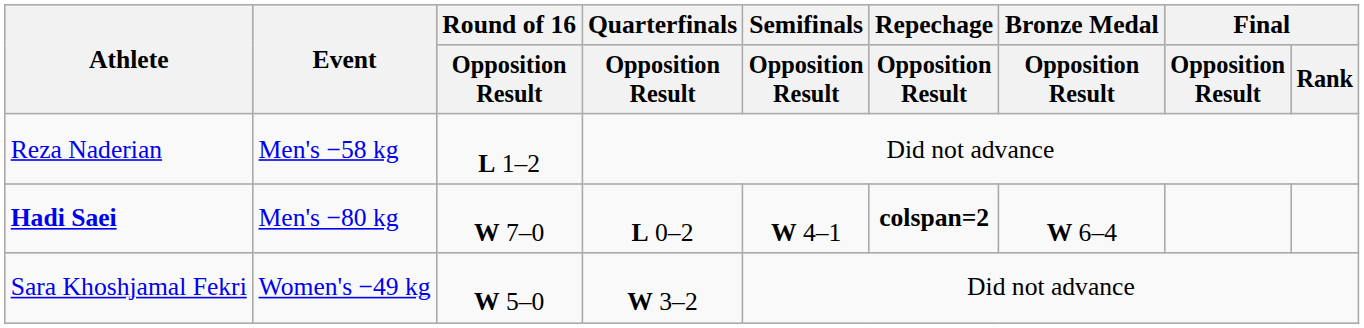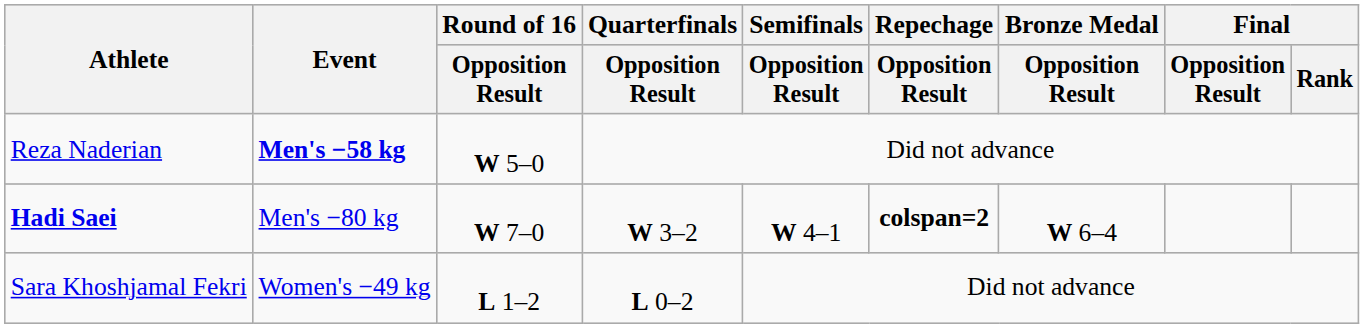 <table class="wikitable" style=size:90%">
 <tr>
 <th rowspan="2">Athlete</th>
 <th rowspan="2">Event</th>
 <th>Round of 16</th>
 <th>Quarterfinals</th>
 <th>Semifinals</th>
 <th>Repechage</th>
 <th>Bronze Medal</th>
 <th colspan=2>Final</th>
 </tr>
 <tr style="font-size:95%">
 <th>Opposition<br>Result</th>
 <th>Opposition<br>Result</th>
 <th>Opposition<br>Result</th>
 <th>Opposition<br>Result</th>
 <th>Opposition<br>Result</th>
 <th>Opposition<br>Result</th>
 <th>Rank</th>
 </tr>
 <tr align=center>
 <td align=left><a href='#'>Reza Naderian</a></td>
-<td align=left><a href='#'>Men's −58 kg</a></td>
-<td><br><strong>L</strong> 1–2</td>
+<td align=left><strong><a href='#'>Men's −58 kg</a></strong></td>
+<td><br><strong>W</strong> 5–0</td>
 <td colspan=6>Did not advance</td>
 </tr>
 <tr align=center>
 <td align=left><strong><a href='#'>Hadi Saei</a></strong></td>
 <td align=left><a href='#'>Men's −80 kg</a></td>
 <td><br><strong>W</strong> 7–0</td>
-<td><br><strong>L</strong> 0–2</td>
+<td><br><strong>W</strong> 3–2</td>
 <td><br><strong>W</strong> 4–1</td>
 <td><strong>colspan=2 </strong></td>
 <td><br><strong>W</strong> 6–4</td>
 <td></td>
 </tr>
 <tr align=center>
 <td align=left><a href='#'>Sara Khoshjamal Fekri</a></td>
 <td align=left><a href='#'>Women's −49 kg</a></td>
-<td><br><strong>W</strong> 5–0</td>
-<td><br><strong>W</strong> 3–2</td>
+<td><br><strong>L</strong> 1–2</td>
+<td><br><strong>L</strong> 0–2</td>
 <td colspan=5>Did not advance</td>
 </tr>
 </table>
